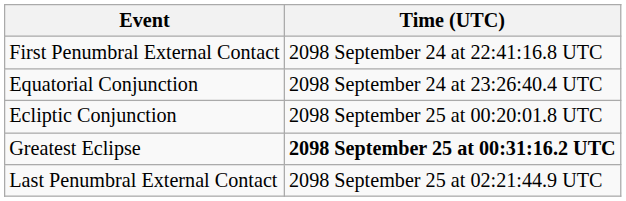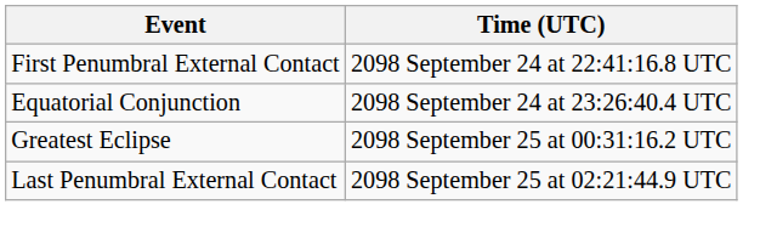 <table class="wikitable">
 <tr>
 <th>Event</th>
 <th>Time (UTC)</th>
 </tr>
 <tr>
 <td>First Penumbral External Contact</td>
 <td>2098 September 24 at 22:41:16.8 UTC</td>
 </tr>
 <tr>
 <td>Equatorial Conjunction</td>
 <td>2098 September 24 at 23:26:40.4 UTC</td>
 </tr>
 <tr>
-<td>Ecliptic Conjunction</td>
-<td>2098 September 25 at 00:20:01.8 UTC</td>
-</tr>
-<tr>
 <td>Greatest Eclipse</td>
-<td><strong>2098 September 25 at 00:31:16.2 UTC</strong></td>
+<td>2098 September 25 at 00:31:16.2 UTC</td>
 </tr>
 <tr>
 <td>Last Penumbral External Contact</td>
 <td>2098 September 25 at 02:21:44.9 UTC</td>
 </tr>
 </table>
